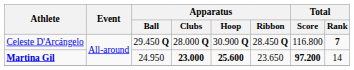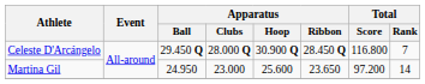 <table class=wikitable style=font-size:90%;text-align:center>
 <tr>
 <th rowspan=2>Athlete</th>
 <th rowspan=2>Event</th>
 <th colspan=4>Apparatus</th>
 <th colspan=2>Total</th>
 </tr>
 <tr style=font-size:95%>
 <th>Ball</th>
 <th>Clubs</th>
 <th>Hoop</th>
 <th>Ribbon</th>
 <th>Score</th>
 <th>Rank</th>
 </tr>
 <tr>
 <td align=left><a href='#'>Celeste D'Arcángelo</a></td>
 <td align=left rowspan=2><a href='#'>All-around</a></td>
 <td>29.450 <strong>Q</strong></td>
 <td>28.000 <strong>Q</strong></td>
 <td>30.900 <strong>Q</strong></td>
 <td>28.450 <strong>Q</strong></td>
 <td>116.800</td>
-<td><strong>7</strong></td>
+<td>7</td>
 </tr>
 <tr>
-<td align=left><strong><a href='#'>Martina Gil</a></strong></td>
+<td align=left><a href='#'>Martina Gil</a></td>
 <td>24.950</td>
-<td><strong>23.000</strong></td>
-<td><strong>25.600</strong></td>
+<td>23.000</td>
+<td>25.600</td>
 <td>23.650</td>
-<td><strong>97.200</strong></td>
+<td>97.200</td>
 <td>14</td>
 </tr>
 <tr>
 </tr>
 </table>
